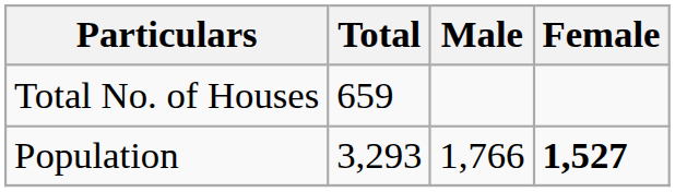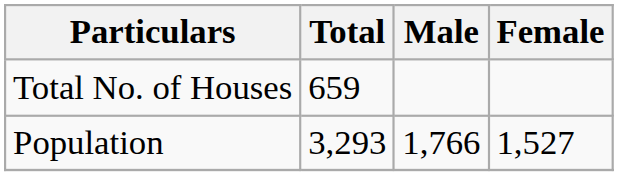 <table class="wikitable sortable">
 <tr>
 <th>Particulars</th>
 <th>Total</th>
 <th>Male</th>
 <th>Female</th>
 </tr>
 <tr>
 <td>Total No. of Houses</td>
 <td>659</td>
 <td></td>
 <td></td>
 </tr>
 <tr>
 <td>Population</td>
 <td>3,293</td>
 <td>1,766</td>
-<td><strong>1,527</strong></td>
+<td>1,527</td>
 </tr>
 <tr>
 </tr>
 </table>
